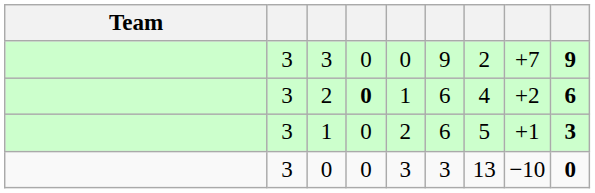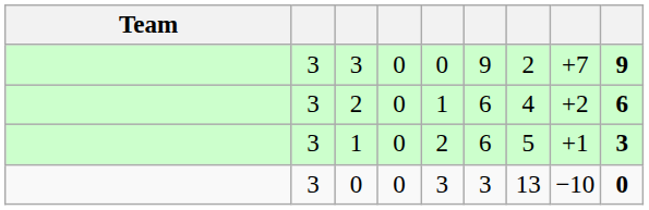 <table class="wikitable" style="text-align:center">
 <tr>
 <th width="175">Team</th>
 <th width="20"></th>
 <th width="20"></th>
 <th width="20"></th>
 <th width="20"></th>
 <th width="20"></th>
 <th width="20"></th>
 <th width="20"></th>
 <th width="20"></th>
 </tr>
 <tr bgcolor=ccffcc>
 <td align=left></td>
 <td>3</td>
 <td>3</td>
 <td>0</td>
 <td>0</td>
 <td>9</td>
 <td>2</td>
 <td>+7</td>
 <td><strong>9</strong></td>
 </tr>
 <tr bgcolor=ccffcc>
 <td align=left></td>
 <td>3</td>
 <td>2</td>
-<td><strong>0</strong></td>
+<td>0</td>
 <td>1</td>
 <td>6</td>
 <td>4</td>
 <td>+2</td>
 <td><strong>6</strong></td>
 </tr>
 <tr bgcolor=ccffcc>
 <td align=left></td>
 <td>3</td>
 <td>1</td>
 <td>0</td>
 <td>2</td>
 <td>6</td>
 <td>5</td>
 <td>+1</td>
 <td><strong>3</strong></td>
 </tr>
 <tr bgcolor=>
 <td align=left></td>
 <td>3</td>
 <td>0</td>
 <td>0</td>
 <td>3</td>
 <td>3</td>
 <td>13</td>
 <td>−10</td>
 <td><strong>0</strong></td>
 </tr>
 </table>
